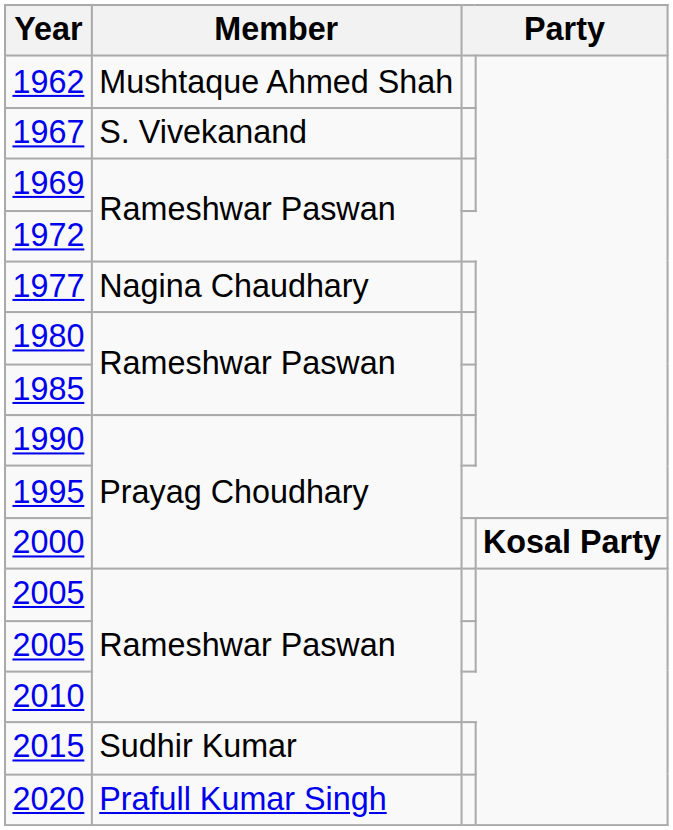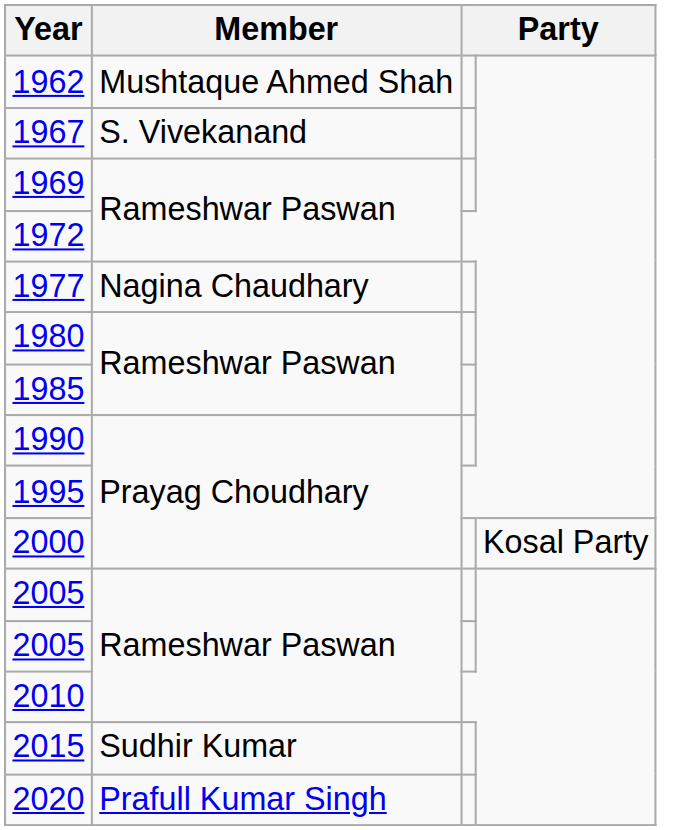 <table class="wikitable sortable">
 <tr>
 <th>Year</th>
 <th>Member</th>
 <th colspan="2">Party</th>
 </tr>
 <tr>
 <td><a href='#'>1962</a></td>
 <td>Mushtaque Ahmed Shah</td>
 <td></td>
 </tr>
 <tr>
 <td><a href='#'>1967</a></td>
 <td>S. Vivekanand</td>
 <td></td>
 </tr>
 <tr>
 <td><a href='#'>1969</a></td>
 <td rowspan="2">Rameshwar Paswan</td>
 <td></td>
 </tr>
 <tr>
 <td><a href='#'>1972</a></td>
 </tr>
 <tr>
 <td><a href='#'>1977</a></td>
 <td>Nagina Chaudhary</td>
 <td></td>
 </tr>
 <tr>
 <td><a href='#'>1980</a></td>
 <td rowspan="2">Rameshwar Paswan</td>
 <td></td>
 </tr>
 <tr>
 <td><a href='#'>1985</a></td>
 <td></td>
 </tr>
 <tr>
 <td><a href='#'>1990</a></td>
 <td rowspan="3">Prayag Choudhary</td>
 <td></td>
 </tr>
 <tr>
 <td><a href='#'>1995</a></td>
 </tr>
 <tr>
 <td><a href='#'>2000</a></td>
 <td style=background-color:></td>
-<td><strong>Kosal Party</strong></td>
+<td>Kosal Party</td>
 </tr>
 <tr>
 <td><a href='#'>2005</a></td>
 <td rowspan="3">Rameshwar Paswan</td>
 <td></td>
 </tr>
 <tr>
 <td><a href='#'>2005</a></td>
 <td></td>
 </tr>
 <tr>
 <td><a href='#'>2010</a></td>
 </tr>
 <tr>
 <td><a href='#'>2015</a></td>
 <td>Sudhir Kumar</td>
 <td></td>
 </tr>
 <tr>
 <td><a href='#'>2020</a></td>
 <td><a href='#'>Prafull Kumar Singh</a></td>
 <td></td>
 </tr>
 </table>
